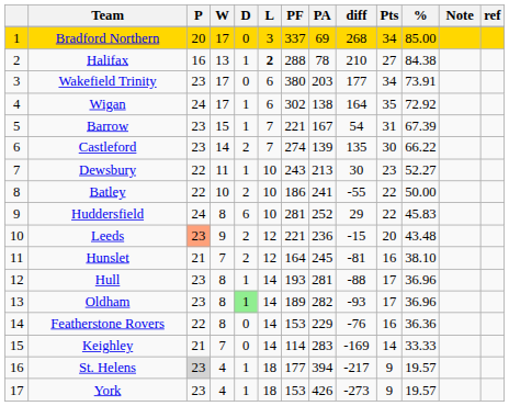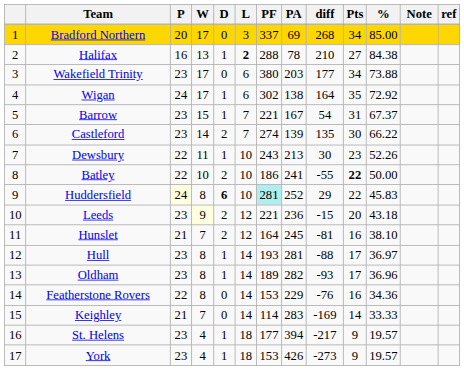 <table class="wikitable" style="text-align:center;">
 <tr>
 <th width=20 abbr="Position"></th>
 <th width=175>Team</th>
 <th width=20 abbr="Played">P</th>
 <th width=20 abbr="Won">W</th>
 <th width=20 abbr="Drawn">D</th>
 <th width=20 abbr="Lost">L</th>
 <th width=20 abbr="Points for">PF</th>
 <th width=20 abbr="Points against">PA</th>
 <th width=40 abbr="Points difference">diff</th>
 <th width=20 abbr="Points">Pts</th>
 <th width=20 abbr=”Win Percentage”>%</th>
 <th width=40 abbr="comments”">Note</th>
 <th width=20 abbr=”Reference”>ref</th>
 </tr>
 <tr>
 </tr>
 <tr align=center style="background:#FFD700;">
 <td>1</td>
 <td><a href='#'>Bradford Northern</a></td>
 <td>20</td>
 <td>17</td>
 <td>0</td>
 <td>3</td>
 <td>337</td>
 <td>69</td>
 <td>268</td>
 <td>34</td>
 <td>85.00</td>
 <td></td>
 <td></td>
 </tr>
 <tr align=center style="background:">
 <td>2</td>
 <td><a href='#'>Halifax</a></td>
 <td>16</td>
 <td>13</td>
 <td>1</td>
 <td><strong>2</strong></td>
 <td>288</td>
 <td>78</td>
 <td>210</td>
 <td>27</td>
 <td>84.38</td>
 <td></td>
 <td></td>
 </tr>
 <tr>
 <td>3</td>
 <td><a href='#'>Wakefield Trinity</a></td>
 <td>23</td>
 <td>17</td>
 <td>0</td>
 <td>6</td>
 <td>380</td>
 <td>203</td>
 <td>177</td>
 <td>34</td>
-<td>73.91</td>
+<td>73.88</td>
 <td></td>
 <td></td>
 </tr>
 <tr>
 <td>4</td>
 <td><a href='#'>Wigan</a></td>
 <td>24</td>
 <td>17</td>
 <td>1</td>
 <td>6</td>
 <td>302</td>
 <td>138</td>
 <td>164</td>
 <td>35</td>
 <td>72.92</td>
 <td></td>
 <td></td>
 </tr>
 <tr>
 <td>5</td>
 <td><a href='#'>Barrow</a></td>
 <td>23</td>
 <td>15</td>
 <td>1</td>
 <td>7</td>
 <td>221</td>
 <td>167</td>
 <td>54</td>
 <td>31</td>
-<td>67.39</td>
+<td>67.37</td>
 <td></td>
 <td></td>
 </tr>
 <tr>
 <td>6</td>
 <td><a href='#'>Castleford</a></td>
 <td>23</td>
 <td>14</td>
 <td>2</td>
 <td>7</td>
 <td>274</td>
 <td>139</td>
 <td>135</td>
 <td>30</td>
 <td>66.22</td>
 <td></td>
 <td></td>
 </tr>
 <tr>
 <td>7</td>
 <td><a href='#'>Dewsbury</a></td>
 <td>22</td>
 <td>11</td>
 <td>1</td>
 <td>10</td>
 <td>243</td>
 <td>213</td>
 <td>30</td>
 <td>23</td>
-<td>52.27</td>
+<td>52.26</td>
 <td></td>
 <td></td>
 </tr>
 <tr>
 <td>8</td>
 <td><a href='#'>Batley</a></td>
 <td>22</td>
 <td>10</td>
 <td>2</td>
 <td>10</td>
 <td>186</td>
 <td>241</td>
 <td>-55</td>
-<td>22</td>
+<td><strong>22</strong></td>
 <td>50.00</td>
 <td></td>
 </tr>
 <tr>
 <td>9</td>
 <td><a href='#'>Huddersfield</a></td>
-<td>24</td>
+<td style="background: lightyellow;">24</td>
 <td>8</td>
-<td>6</td>
+<td><strong>6</strong></td>
 <td>10</td>
-<td>281</td>
+<td style="background: paleturquoise;">281</td>
 <td>252</td>
 <td>29</td>
 <td>22</td>
 <td>45.83</td>
 <td></td>
 <td></td>
 </tr>
 <tr>
 <td>10</td>
 <td><a href='#'>Leeds</a></td>
-<td style="background: lightsalmon;">23</td>
-<td>9</td>
+<td>23</td>
+<td style="background: lightyellow;">9</td>
 <td>2</td>
 <td>12</td>
 <td>221</td>
 <td>236</td>
 <td>-15</td>
 <td>20</td>
-<td>43.48</td>
+<td>43.18</td>
 <td></td>
 <td></td>
 </tr>
 <tr>
 <td>11</td>
 <td><a href='#'>Hunslet</a></td>
 <td>21</td>
 <td>7</td>
 <td>2</td>
 <td>12</td>
 <td>164</td>
 <td>245</td>
 <td>-81</td>
 <td>16</td>
 <td>38.10</td>
 <td></td>
 <td></td>
 </tr>
 <tr>
 <td>12</td>
 <td><a href='#'>Hull</a></td>
 <td>23</td>
 <td>8</td>
 <td>1</td>
 <td>14</td>
 <td>193</td>
 <td>281</td>
 <td>-88</td>
 <td>17</td>
-<td>36.96</td>
+<td>36.97</td>
 <td></td>
 <td></td>
 </tr>
 <tr>
 <td>13</td>
 <td><a href='#'>Oldham</a></td>
 <td>23</td>
 <td>8</td>
-<td style="background: lightgreen;">1</td>
+<td>1</td>
 <td>14</td>
 <td>189</td>
 <td>282</td>
 <td>-93</td>
 <td>17</td>
 <td>36.96</td>
 <td></td>
 <td></td>
 </tr>
 <tr>
 <td>14</td>
 <td><a href='#'>Featherstone Rovers</a></td>
 <td>22</td>
 <td>8</td>
 <td>0</td>
 <td>14</td>
 <td>153</td>
 <td>229</td>
 <td>-76</td>
 <td>16</td>
-<td>36.36</td>
+<td>34.36</td>
 <td></td>
 <td></td>
 </tr>
 <tr>
 <td>15</td>
 <td><a href='#'>Keighley</a></td>
 <td>21</td>
 <td>7</td>
 <td>0</td>
 <td>14</td>
 <td>114</td>
 <td>283</td>
 <td>-169</td>
 <td>14</td>
 <td>33.33</td>
 <td></td>
 <td></td>
 </tr>
 <tr>
 <td>16</td>
 <td><a href='#'>St. Helens</a></td>
-<td style="background: lightgrey;">23</td>
+<td>23</td>
 <td>4</td>
 <td>1</td>
 <td>18</td>
 <td>177</td>
 <td>394</td>
 <td>-217</td>
 <td>9</td>
 <td>19.57</td>
 <td></td>
 <td></td>
 </tr>
 <tr>
 <td>17</td>
 <td><a href='#'>York</a></td>
 <td>23</td>
 <td>4</td>
 <td>1</td>
 <td>18</td>
 <td>153</td>
 <td>426</td>
 <td>-273</td>
 <td>9</td>
 <td>19.57</td>
 <td></td>
 <td></td>
 </tr>
 </table>
